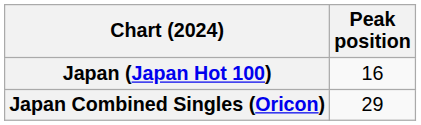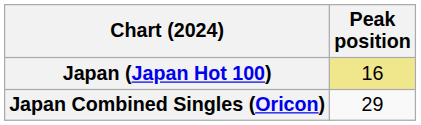 <table class="wikitable sortable plainrowheaders" style="text-align:center">
 <tr>
 <th scope="col">Chart (2024)</th>
 <th scope="col">Peak<br>position</th>
 </tr>
 <tr>
 <th scope="row">Japan (<a href='#'>Japan Hot 100</a>)</th>
-<td>16</td>
+<td style="background: khaki;">16</td>
 </tr>
 <tr>
 <th scope="row">Japan Combined Singles (<a href='#'>Oricon</a>)</th>
 <td>29</td>
 </tr>
 </table>
